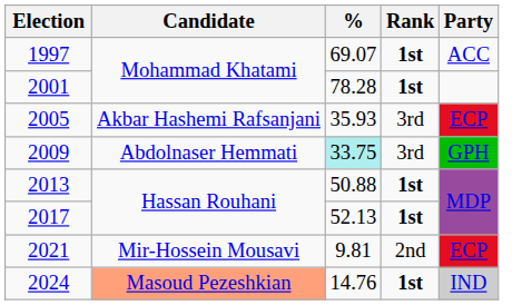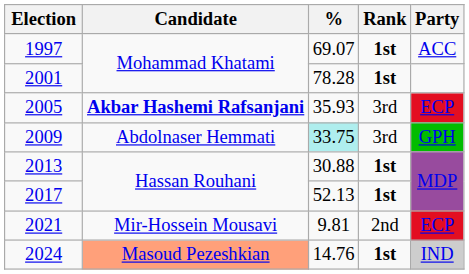 <table class="wikitable" style="text-align:center;">
 <tr>
 <th width="60px">Election</th>
 <th>Candidate</th>
 <th>%</th>
 <th>Rank</th>
 <th>Party</th>
 </tr>
 <tr>
 <td><a href='#'>1997</a></td>
 <td rowspan="2"><a href='#'>Mohammad Khatami</a></td>
 <td>69.07</td>
 <td><strong>1st</strong></td>
 <td style="background:"><a href='#'>ACC</a></td>
 </tr>
 <tr>
 <td><a href='#'>2001</a></td>
 <td>78.28</td>
 <td><strong>1st</strong></td>
 </tr>
 <tr>
 <td><a href='#'>2005</a></td>
-<td><a href='#'>Akbar Hashemi Rafsanjani</a></td>
+<td><strong><a href='#'>Akbar Hashemi Rafsanjani</a></strong></td>
 <td>35.93</td>
 <td>3rd</td>
 <td style="background:#E30E21"><a href='#'>ECP</a></td>
 </tr>
 <tr>
 <td><a href='#'>2009</a></td>
 <td><a href='#'>Abdolnaser Hemmati</a></td>
 <td style="background: paleturquoise;">33.75</td>
 <td>3rd</td>
 <td style="background:#02BC00"><a href='#'>GPH</a></td>
 </tr>
 <tr>
 <td><a href='#'>2013</a></td>
 <td rowspan="2"><a href='#'>Hassan Rouhani</a></td>
-<td>50.88</td>
+<td>30.88</td>
 <td><strong>1st</strong></td>
 <td style="background:#984B9E"rowspan="2"><a href='#'>MDP</a></td>
 </tr>
 <tr>
 <td><a href='#'>2017</a></td>
 <td>52.13</td>
 <td><strong>1st</strong></td>
 </tr>
 <tr>
 <td><a href='#'>2021</a></td>
 <td><a href='#'>Mir-Hossein Mousavi</a></td>
 <td>9.81</td>
 <td>2nd</td>
 <td style="background:#E30E21"><a href='#'>ECP</a></td>
 </tr>
 <tr>
 <td><a href='#'>2024</a></td>
 <td style="background: lightsalmon;"><a href='#'>Masoud Pezeshkian</a></td>
 <td>14.76</td>
 <td><strong>1st</strong></td>
 <td style="background:#CDCDCD"><a href='#'>IND</a></td>
 </tr>
 </table>
